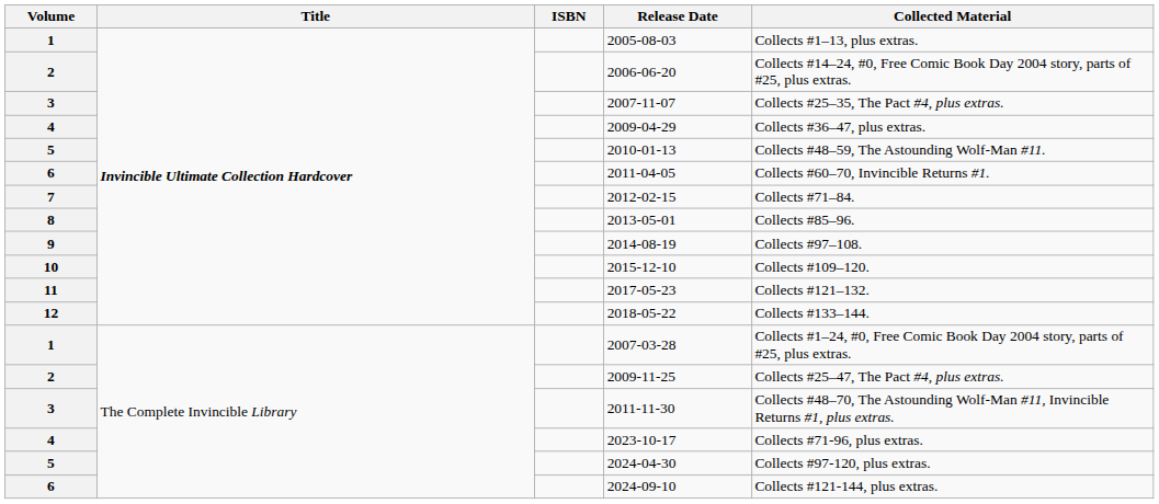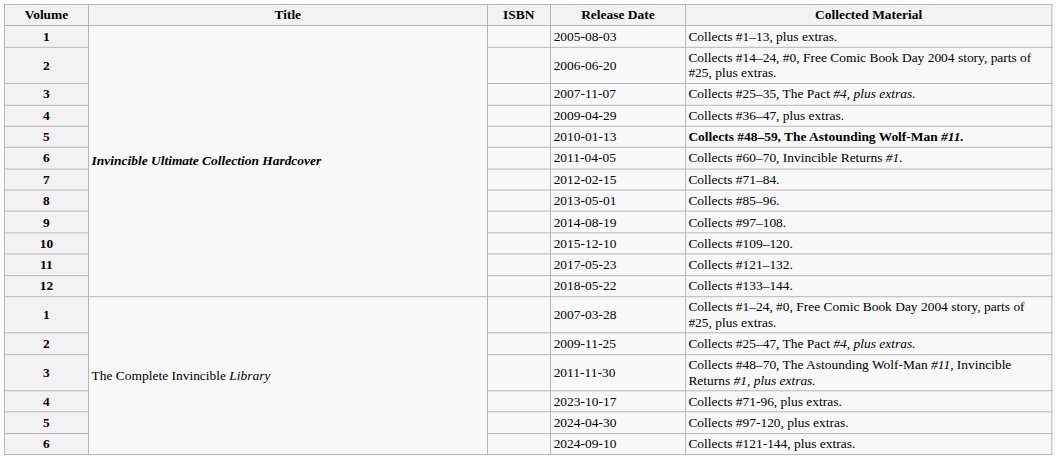 <table class="wikitable">
 <tr>
 <th>Volume</th>
 <th>Title</th>
 <th>ISBN</th>
 <th>Release Date</th>
 <th width="35%">Collected Material</th>
 </tr>
 <tr>
 <th>1</th>
 <td rowspan="12"><strong><em>Invincible<em> Ultimate Collection Hardcover<strong></td>
 <td></td>
 <td>2005-08-03</td>
 <td>Collects #1–13, plus extras.</td>
 </tr>
 <tr>
 <th>2</th>
 <td></td>
 <td>2006-06-20</td>
 <td>Collects #14–24, #0, Free Comic Book Day 2004 story, parts of #25, plus extras.</td>
 </tr>
 <tr>
 <th>3</th>
 <td></td>
 <td>2007-11-07</td>
 <td>Collects #25–35, </em>The Pact<em> #4, plus extras.</td>
 </tr>
 <tr>
 <th>4</th>
 <td></td>
 <td>2009-04-29</td>
 <td>Collects #36–47, plus extras.</td>
 </tr>
 <tr>
 <th>5</th>
 <td></td>
 <td>2010-01-13</td>
-<td>Collects #48–59, </em>The Astounding Wolf-Man<em> #11.</td>
+<td><strong>Collects #48–59, </em>The Astounding Wolf-Man<em> #11.</strong></td>
 </tr>
 <tr>
 <th>6</th>
 <td></td>
 <td>2011-04-05</td>
 <td>Collects #60–70, </em>Invincible Returns<em> #1.</td>
 </tr>
 <tr>
 <th>7</th>
 <td></td>
 <td>2012-02-15</td>
 <td>Collects #71–84.</td>
 </tr>
 <tr>
 <th>8</th>
 <td></td>
 <td>2013-05-01</td>
 <td>Collects #85–96.</td>
 </tr>
 <tr>
 <th>9</th>
 <td></td>
 <td>2014-08-19</td>
 <td>Collects #97–108.</td>
 </tr>
 <tr>
 <th>10</th>
 <td></td>
 <td>2015-12-10</td>
 <td>Collects #109–120.</td>
 </tr>
 <tr>
 <th>11</th>
 <td></td>
 <td>2017-05-23</td>
 <td>Collects #121–132.</td>
 </tr>
 <tr>
 <th>12</th>
 <td></td>
 <td>2018-05-22</td>
 <td>Collects #133–144.</td>
 </tr>
 <tr>
 <th>1</th>
 <td rowspan="6"></strong>The Complete </em>Invincible<em> Library<strong></td>
 <td></td>
 <td>2007-03-28</td>
 <td>Collects #1–24, #0, Free Comic Book Day 2004 story, parts of #25, plus extras.</td>
 </tr>
 <tr>
 <th>2</th>
 <td></td>
 <td>2009-11-25</td>
 <td>Collects #25–47, </em>The Pact<em> #4, plus extras.</td>
 </tr>
 <tr>
 <th>3</th>
 <td></td>
 <td>2011-11-30</td>
 <td>Collects #48–70, </em>The Astounding Wolf-Man<em> #11, </em>Invincible Returns<em> #1, plus extras.</td>
 </tr>
 <tr>
 <th>4</th>
 <td></td>
 <td>2023-10-17</td>
 <td>Collects #71-96, plus extras.</td>
 </tr>
 <tr>
 <th>5</th>
 <td></td>
 <td>2024-04-30</td>
 <td>Collects #97-120, plus extras.</td>
 </tr>
 <tr>
 <th>6</th>
 <td></td>
 <td>2024-09-10</td>
 <td>Collects #121-144, plus extras.</td>
 </tr>
 </table>
